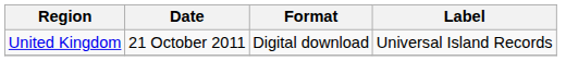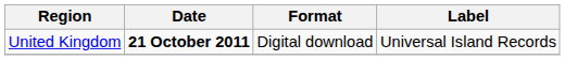 <table class=wikitable>
 <tr>
 <th>Region</th>
 <th>Date</th>
 <th>Format</th>
 <th>Label</th>
 </tr>
 <tr>
 <td><a href='#'>United Kingdom</a></td>
-<td>21 October 2011</td>
+<td><strong>21 October 2011</strong></td>
 <td>Digital download</td>
 <td>Universal Island Records</td>
 </tr>
 <tr>
 </tr>
 </table>
